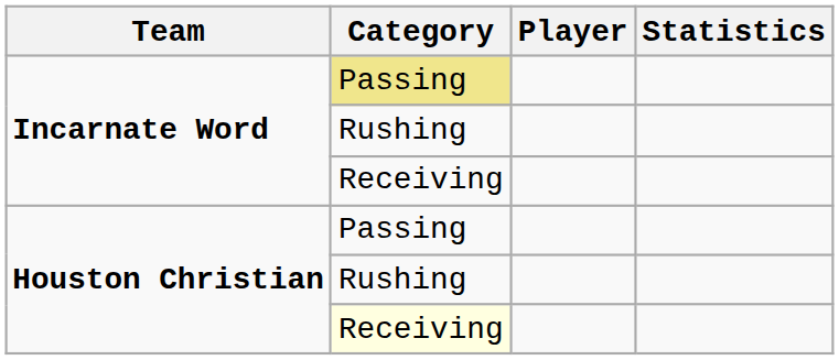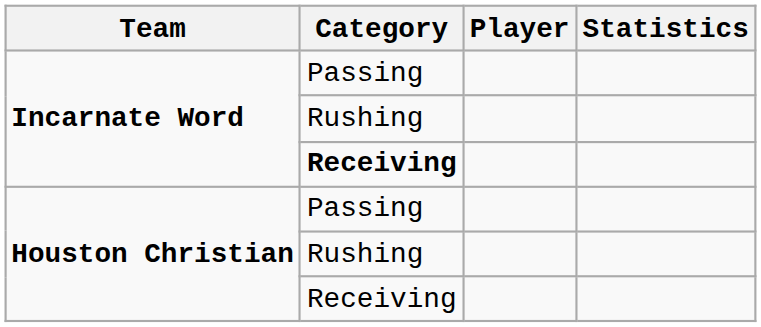 <table class="wikitable" style="float: right;">
 <tr>
 <th>Team</th>
 <th>Category</th>
 <th>Player</th>
 <th>Statistics</th>
 </tr>
 <tr>
 <td rowspan=3><strong>Incarnate Word</strong></td>
-<td style="background: khaki;">Passing</td>
+<td>Passing</td>
 <td></td>
 <td></td>
 </tr>
 <tr>
 <td>Rushing</td>
 <td></td>
 <td></td>
 </tr>
 <tr>
-<td>Receiving</td>
+<td><strong>Receiving</strong></td>
 <td></td>
 <td></td>
 </tr>
 <tr>
 <td rowspan=3><strong>Houston Christian</strong></td>
 <td>Passing</td>
 <td></td>
 <td></td>
 </tr>
 <tr>
 <td>Rushing</td>
 <td></td>
 <td></td>
 </tr>
 <tr>
-<td style="background: lightyellow;">Receiving</td>
+<td>Receiving</td>
 <td></td>
 <td></td>
 </tr>
 </table>
